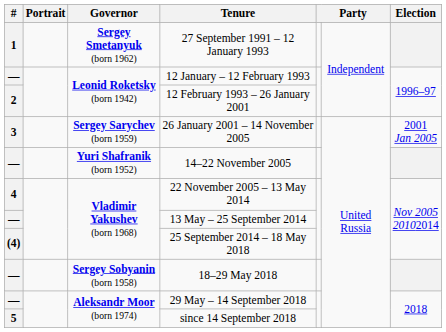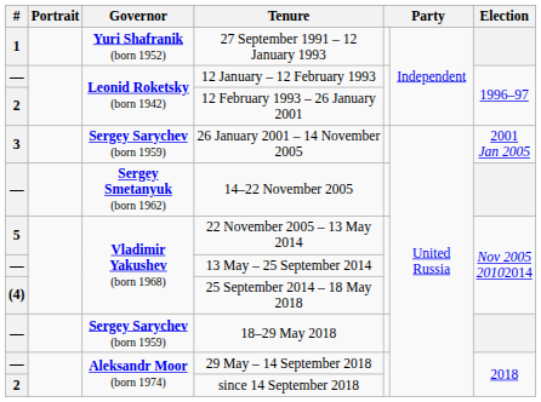 <table class="wikitable" style="text-align:center">
 <tr style="background:#cccccc" bgcolor=#E6E6AA>
 <th>#</th>
 <th>Portrait</th>
 <th>Governor</th>
 <th>Tenure</th>
 <th colspan="2">Party</th>
 <th>Election</th>
 </tr>
 <tr>
 <th>1</th>
 <td></td>
-<td><strong><a href='#'>Sergey Smetanyuk</a></strong><br><small>(born 1962)</small></td>
+<td><strong><a href='#'>Yuri Shafranik</a></strong><br><small>(born 1952)</small></td>
 <td>27 September 1991 – 12 January 1993</td>
 <td style="background: "></td>
 <td rowspan=3><a href='#'>Independent</a></td>
 <th></th>
 </tr>
 <tr>
 <th>—</th>
 <td rowspan=2></td>
 <td rowspan=2><strong><a href='#'>Leonid Roketsky</a></strong><br><small>(born 1942)</small></td>
 <td>12 January – 12 February 1993</td>
 <td rowspan=2; style="background: "></td>
 <td rowspan=2><a href='#'>1996–97</a></td>
 </tr>
 <tr>
 <th>2</th>
 <td>12 February 1993 – 26 January 2001</td>
 </tr>
 <tr>
 <th>3</th>
 <td></td>
 <td><strong><a href='#'>Sergey Sarychev</a></strong><br><small>(born 1959)</small></td>
 <td>26 January 2001 – 14 November 2005</td>
 <td style="background: "></td>
 <td rowspan=9><a href='#'>United Russia</a></td>
 <td><a href='#'>2001</a><br><em><a href='#'>Jan 2005</a></em></td>
 </tr>
 <tr>
 <th>—</th>
 <td></td>
-<td><strong><a href='#'>Yuri Shafranik</a></strong><br><small>(born 1952)</small></td>
+<td><strong><a href='#'>Sergey Smetanyuk</a></strong><br><small>(born 1962)</small></td>
 <td>14–22 November 2005</td>
 <td style="background: "></td>
 <th></th>
 </tr>
 <tr>
-<th>4</th>
+<th>5</th>
 <td rowspan=3></td>
 <td rowspan=3><strong><a href='#'>Vladimir Yakushev</a></strong><br><small>(born 1968)</small></td>
 <td>22 November 2005 – 13 May 2014</td>
 <td rowspan=3; style="background: "></td>
 <td rowspan=3><em><a href='#'>Nov 2005</a></em><br><em><a href='#'>2010</a></em><a href='#'>2014</a></td>
 </tr>
 <tr>
 <th>—</th>
 <td>13 May – 25 September 2014</td>
 </tr>
 <tr>
 <th>(4)</th>
 <td>25 September 2014 – 18 May 2018</td>
 </tr>
 <tr>
 <th>—</th>
 <td></td>
-<td><strong><a href='#'>Sergey Sobyanin</a></strong><br><small>(born 1958)</small></td>
+<td><strong><a href='#'>Sergey Sarychev</a></strong><br><small>(born 1959)</small></td>
 <td>18–29 May 2018</td>
 <td style="background: "></td>
 <th></th>
 </tr>
 <tr>
 <th>—</th>
 <td rowspan=2></td>
 <td rowspan=2><strong><a href='#'>Aleksandr Moor</a></strong><br><small>(born 1974)</small></td>
 <td>29 May – 14 September 2018</td>
 <td rowspan=2; style="background: "></td>
 <td rowspan=2><a href='#'>2018</a></td>
 </tr>
 <tr>
-<th>5</th>
+<th>2</th>
 <td>since 14 September 2018</td>
 </tr>
 </table>
